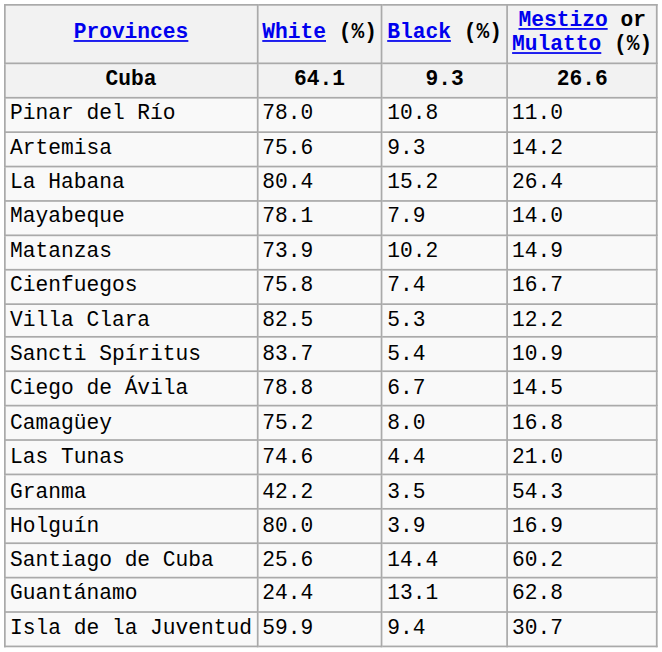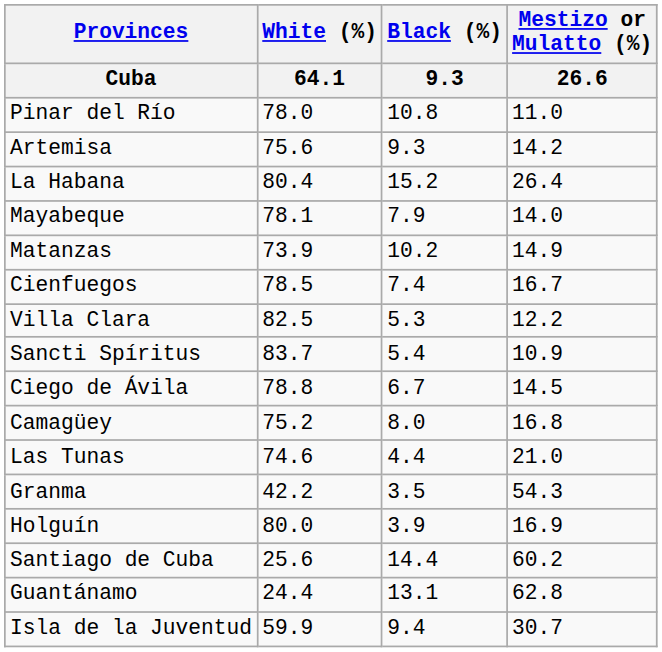 <table class="sort wikitable" class="wikitable sortable" style="font-size: 95%">
 <tr>
 <th><a href='#'>Provinces</a></th>
 <th><a href='#'>White</a> (%)</th>
 <th><a href='#'>Black</a> (%)</th>
 <th><a href='#'>Mestizo</a> or <br><a href='#'>Mulatto</a> (%)</th>
 </tr>
 <tr>
 <th align="center">Cuba</th>
 <th align="center">64.1</th>
 <th align="center">9.3</th>
 <th align="center">26.6</th>
 </tr>
 <tr>
 <td>Pinar del Río</td>
 <td>78.0</td>
 <td>10.8</td>
 <td>11.0</td>
 </tr>
 <tr>
 <td>Artemisa</td>
 <td>75.6</td>
 <td>9.3</td>
 <td>14.2</td>
 </tr>
 <tr>
 <td>La Habana</td>
 <td>80.4</td>
 <td>15.2</td>
 <td>26.4</td>
 </tr>
 <tr>
 <td>Mayabeque</td>
 <td>78.1</td>
 <td>7.9</td>
 <td>14.0</td>
 </tr>
 <tr>
 <td>Matanzas</td>
 <td>73.9</td>
 <td>10.2</td>
 <td>14.9</td>
 </tr>
 <tr>
 <td>Cienfuegos</td>
-<td>75.8</td>
+<td>78.5</td>
 <td>7.4</td>
 <td>16.7</td>
 </tr>
 <tr>
 <td>Villa Clara</td>
 <td>82.5</td>
 <td>5.3</td>
 <td>12.2</td>
 </tr>
 <tr>
 <td>Sancti Spíritus</td>
 <td>83.7</td>
 <td>5.4</td>
 <td>10.9</td>
 </tr>
 <tr>
 <td>Ciego de Ávila</td>
 <td>78.8</td>
 <td>6.7</td>
 <td>14.5</td>
 </tr>
 <tr>
 <td>Camagüey</td>
 <td>75.2</td>
 <td>8.0</td>
 <td>16.8</td>
 </tr>
 <tr>
 <td>Las Tunas</td>
 <td>74.6</td>
 <td>4.4</td>
 <td>21.0</td>
 </tr>
 <tr>
 <td>Granma</td>
 <td>42.2</td>
 <td>3.5</td>
 <td>54.3</td>
 </tr>
 <tr>
 <td>Holguín</td>
 <td>80.0</td>
 <td>3.9</td>
 <td>16.9</td>
 </tr>
 <tr>
 <td>Santiago de Cuba</td>
 <td>25.6</td>
 <td>14.4</td>
 <td>60.2</td>
 </tr>
 <tr>
 <td>Guantánamo</td>
 <td>24.4</td>
 <td>13.1</td>
 <td>62.8</td>
 </tr>
 <tr>
 <td>Isla de la Juventud</td>
 <td>59.9</td>
 <td>9.4</td>
 <td>30.7</td>
 </tr>
 </table>
